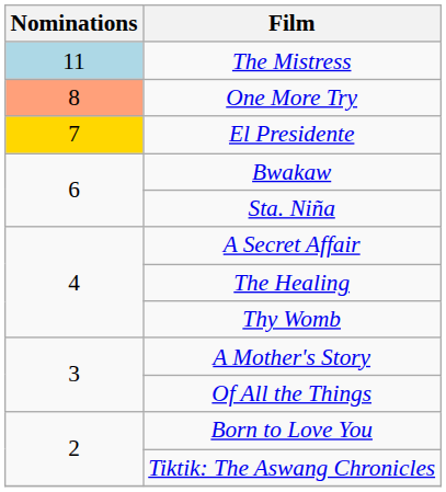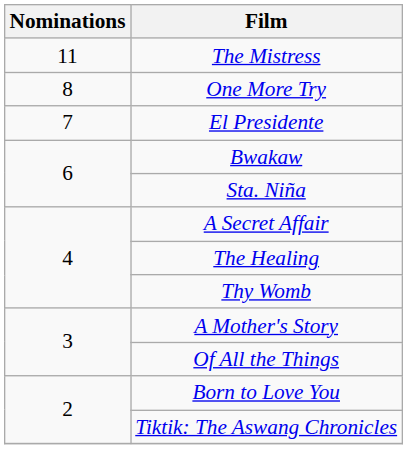 <table class="wikitable" style="text-align:center;">
 <tr>
 <th scope="col" width="55">Nominations</th>
 <th scope="col" align="center">Film</th>
 </tr>
 <tr>
-<td style="background: lightblue; text-align:center">11</td>
+<td style="text-align:center">11</td>
 <td><em><a href='#'>The Mistress</a></em></td>
 </tr>
 <tr>
-<td style="background: lightsalmon; text-align:center">8</td>
+<td style="text-align:center">8</td>
 <td><em><a href='#'>One More Try</a></em></td>
 </tr>
 <tr>
-<td style="background: gold; text-align:center">7</td>
+<td style="text-align:center">7</td>
 <td><em><a href='#'>El Presidente</a></em></td>
 </tr>
 <tr>
 <td rowspan=2 style="text-align:center">6</td>
 <td><em><a href='#'>Bwakaw</a></em></td>
 </tr>
 <tr>
 <td><em><a href='#'>Sta. Niña</a></em></td>
 </tr>
 <tr>
 <td rowspan=3 style="text-align:center">4</td>
 <td><em><a href='#'>A Secret Affair</a></em></td>
 </tr>
 <tr>
 <td><em><a href='#'>The Healing</a></em></td>
 </tr>
 <tr>
 <td><em><a href='#'>Thy Womb</a></em></td>
 </tr>
 <tr>
 <td rowspan=2 style="text-align:center">3</td>
 <td><em><a href='#'>A Mother's Story</a></em></td>
 </tr>
 <tr>
 <td><em><a href='#'>Of All the Things</a></em></td>
 </tr>
 <tr>
 <td rowspan=2 style="text-align:center">2</td>
 <td><em><a href='#'>Born to Love You</a></em></td>
 </tr>
 <tr>
 <td><em><a href='#'>Tiktik: The Aswang Chronicles</a></em></td>
 </tr>
 <tr>
 </tr>
 </table>
